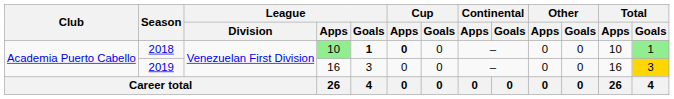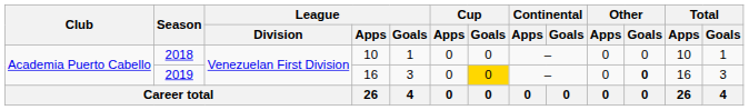 <table class="wikitable" style="text-align: center">
 <tr>
 <th rowspan="2">Club</th>
 <th rowspan="2">Season</th>
 <th colspan="3">League</th>
 <th colspan="2">Cup</th>
 <th colspan="2">Continental</th>
 <th colspan="2">Other</th>
 <th colspan="2">Total</th>
 </tr>
 <tr>
 <th>Division</th>
 <th>Apps</th>
 <th>Goals</th>
 <th>Apps</th>
 <th>Goals</th>
 <th>Apps</th>
 <th>Goals</th>
 <th>Apps</th>
 <th>Goals</th>
 <th>Apps</th>
 <th>Goals</th>
 </tr>
 <tr>
 <td rowspan="2"><a href='#'>Academia Puerto Cabello</a></td>
 <td><a href='#'>2018</a></td>
 <td rowspan="2"><a href='#'>Venezuelan First Division</a></td>
-<td style="background: lightgreen;">10</td>
-<td><strong>1</strong></td>
-<td><strong>0</strong></td>
+<td>10</td>
+<td>1</td>
+<td>0</td>
 <td>0</td>
 <td colspan="2">–</td>
 <td>0</td>
 <td>0</td>
 <td>10</td>
-<td style="background: lightgreen;">1</td>
+<td>1</td>
 </tr>
 <tr>
 <td><a href='#'>2019</a></td>
 <td>16</td>
 <td>3</td>
 <td>0</td>
-<td>0</td>
+<td style="background: gold;">0</td>
 <td colspan="2">–</td>
 <td>0</td>
-<td>0</td>
+<td><strong>0</strong></td>
 <td>16</td>
-<td style="background: gold;">3</td>
+<td>3</td>
 </tr>
 <tr>
 <th colspan="3"><strong>Career total</strong></th>
 <th>26</th>
 <th>4</th>
 <th>0</th>
 <th>0</th>
 <th>0</th>
 <th>0</th>
 <th>0</th>
 <th>0</th>
 <th>26</th>
 <th>4</th>
 </tr>
 </table>
